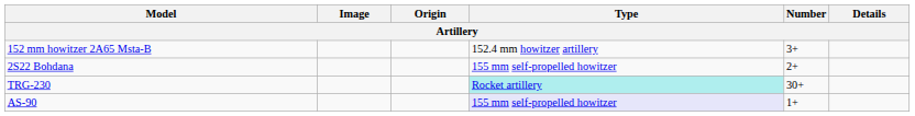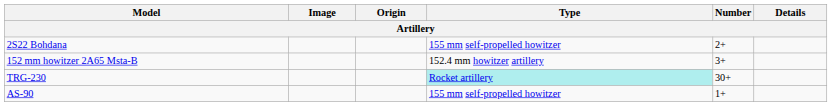 <table class="wikitable">
 <tr>
 <th>Model</th>
 <th>Image</th>
 <th>Origin</th>
 <th>Type</th>
 <th style="width:5%;">Number</th>
 <th>Details</th>
 </tr>
 <tr>
 <th colspan="6" style="align: center;">Artillery</th>
 </tr>
 <tr>
+<td><a href='#'>2S22 Bohdana</a></td>
+<td></td>
+<td></td>
+<td><a href='#'>155 mm</a> <a href='#'>self-propelled howitzer</a></td>
+<td>2+</td>
+<td></td>
+</tr>
+<tr>
 <td><a href='#'>152 mm howitzer 2A65 Msta-B</a></td>
 <td></td>
 <td></td>
 <td>152.4 mm <a href='#'>howitzer</a> <a href='#'>artillery</a></td>
 <td>3+</td>
-<td></td>
-</tr>
-<tr>
-<td><a href='#'>2S22 Bohdana</a></td>
-<td></td>
-<td></td>
-<td><a href='#'>155 mm</a> <a href='#'>self-propelled howitzer</a></td>
-<td>2+</td>
 <td></td>
 </tr>
 <tr>
 <td><a href='#'>TRG-230</a></td>
 <td></td>
 <td></td>
 <td style="background: paleturquoise;"><a href='#'>Rocket artillery</a></td>
 <td>30+</td>
 <td></td>
 </tr>
 <tr>
 <td><a href='#'>AS-90</a></td>
 <td></td>
 <td></td>
-<td style="background: lavender;"><a href='#'>155 mm</a> <a href='#'>self-propelled howitzer</a></td>
+<td><a href='#'>155 mm</a> <a href='#'>self-propelled howitzer</a></td>
 <td>1+</td>
 <td></td>
 </tr>
 </table>
